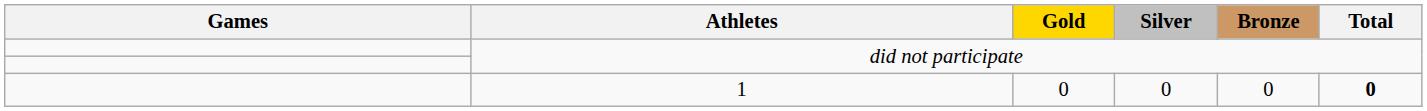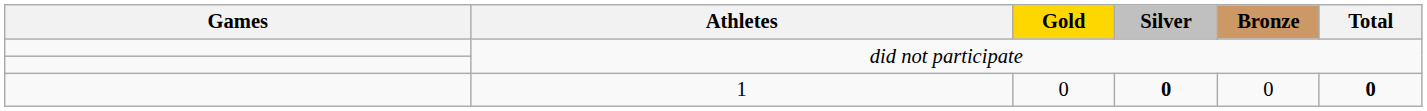 <table class="wikitable" style="text-align:center; font-size:90%;" width=50%>
 <tr>
 <th>Games</th>
 <th>Athletes</th>
 <td style="background:gold; width:4.5em; font-weight:bold;">Gold</td>
 <td style="background:silver; width:4.5em; font-weight:bold;">Silver</td>
 <td style="background:#cc9966; width:4.5em; font-weight:bold;">Bronze</td>
 <th style="width:4.5em; font-weight:bold;">Total</th>
 </tr>
 <tr>
 <td align=left></td>
 <td colspan=6 rowspan=2><em>did not participate</em></td>
 </tr>
 <tr>
 <td align=left></td>
 </tr>
 <tr>
 <td align=left></td>
 <td>1</td>
 <td>0</td>
-<td>0</td>
+<td><strong>0</strong></td>
 <td>0</td>
 <td><strong>0</strong></td>
 </tr>
 </table>
